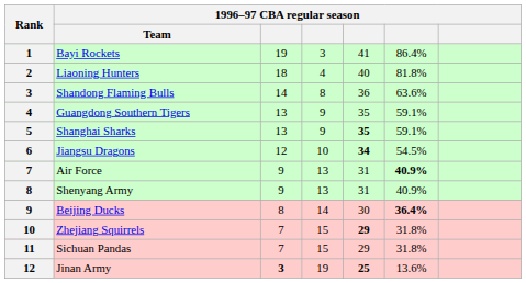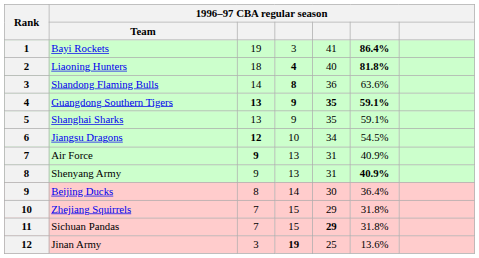 <table class="wikitable"  style="width:75%; font-size:95%;">
 <tr>
 <th style="width:5%;" rowspan="2">Rank</th>
 <th colspan="6" style="text-align:center;">1996–97 CBA regular season</th>
 </tr>
 <tr style="text-align:center;">
 <th style="width:25%;">Team</th>
 <th style="width:5%;"></th>
 <th style="width:5%;"></th>
 <th style="width:5%;"></th>
 <th style="width:5%;"></th>
 <th style="width:10%;"></th>
 </tr>
 <tr style="text-align:center; background:#cfc;">
 <th>1</th>
 <td style="text-align:left;"><a href='#'>Bayi Rockets</a></td>
 <td>19</td>
 <td>3</td>
 <td>41</td>
-<td>86.4%</td>
+<td><strong>86.4%</strong></td>
 <td></td>
 </tr>
 <tr style="text-align:center; background:#cfc;">
 <th>2</th>
 <td style="text-align:left;"><a href='#'>Liaoning Hunters</a></td>
 <td>18</td>
-<td>4</td>
+<td><strong>4</strong></td>
 <td>40</td>
-<td>81.8%</td>
+<td><strong>81.8%</strong></td>
 <td></td>
 </tr>
 <tr style="text-align:center; background:#cfc;">
 <th>3</th>
 <td style="text-align:left;"><a href='#'>Shandong Flaming Bulls</a></td>
 <td>14</td>
-<td>8</td>
+<td><strong>8</strong></td>
 <td>36</td>
 <td>63.6%</td>
 <td></td>
 </tr>
 <tr style="text-align:center; background:#cfc;">
 <th>4</th>
 <td style="text-align:left;"><a href='#'>Guangdong Southern Tigers</a></td>
+<td><strong>13</strong></td>
+<td><strong>9</strong></td>
+<td><strong>35</strong></td>
+<td><strong>59.1%</strong></td>
+<td></td>
+</tr>
+<tr style="text-align:center; background:#cfc;">
+<th>5</th>
+<td style="text-align:left;"><a href='#'>Shanghai Sharks</a></td>
 <td>13</td>
 <td>9</td>
 <td>35</td>
 <td>59.1%</td>
 <td></td>
 </tr>
 <tr style="text-align:center; background:#cfc;">
-<th>5</th>
-<td style="text-align:left;"><a href='#'>Shanghai Sharks</a></td>
-<td>13</td>
-<td>9</td>
-<td><strong>35</strong></td>
-<td>59.1%</td>
-<td></td>
-</tr>
-<tr style="text-align:center; background:#cfc;">
 <th>6</th>
 <td style="text-align:left;"><a href='#'>Jiangsu Dragons</a></td>
-<td>12</td>
+<td><strong>12</strong></td>
 <td>10</td>
-<td><strong>34</strong></td>
+<td>34</td>
 <td>54.5%</td>
 <td></td>
 </tr>
 <tr style="text-align:center; background:#cfc;">
 <th>7</th>
 <td style="text-align:left;">Air Force</td>
-<td>9</td>
+<td><strong>9</strong></td>
 <td>13</td>
 <td>31</td>
-<td><strong>40.9%</strong></td>
+<td>40.9%</td>
 <td></td>
 </tr>
 <tr style="text-align:center; background:#cfc;">
 <th>8</th>
 <td style="text-align:left;">Shenyang Army</td>
 <td>9</td>
 <td>13</td>
 <td>31</td>
-<td>40.9%</td>
+<td><strong>40.9%</strong></td>
 <td></td>
 </tr>
 <tr style="text-align:center; background:#fcc;">
 <th>9</th>
 <td style="text-align:left;"><a href='#'>Beijing Ducks</a></td>
 <td>8</td>
 <td>14</td>
 <td>30</td>
-<td><strong>36.4%</strong></td>
+<td>36.4%</td>
 <td></td>
 </tr>
 <tr style="text-align:center; background:#fcc;">
 <th>10</th>
 <td style="text-align:left;"><a href='#'>Zhejiang Squirrels</a></td>
 <td>7</td>
 <td>15</td>
-<td><strong>29</strong></td>
+<td>29</td>
 <td>31.8%</td>
 <td></td>
 </tr>
 <tr style="text-align:center; background:#fcc;">
 <th>11</th>
 <td style="text-align:left;">Sichuan Pandas</td>
 <td>7</td>
 <td>15</td>
-<td>29</td>
+<td><strong>29</strong></td>
 <td>31.8%</td>
 <td></td>
 </tr>
 <tr style="text-align:center; background:#fcc;">
 <th>12</th>
 <td style="text-align:left;">Jinan Army</td>
-<td><strong>3</strong></td>
-<td>19</td>
-<td><strong>25</strong></td>
+<td>3</td>
+<td><strong>19</strong></td>
+<td>25</td>
 <td>13.6%</td>
 <td></td>
 </tr>
 </table>
